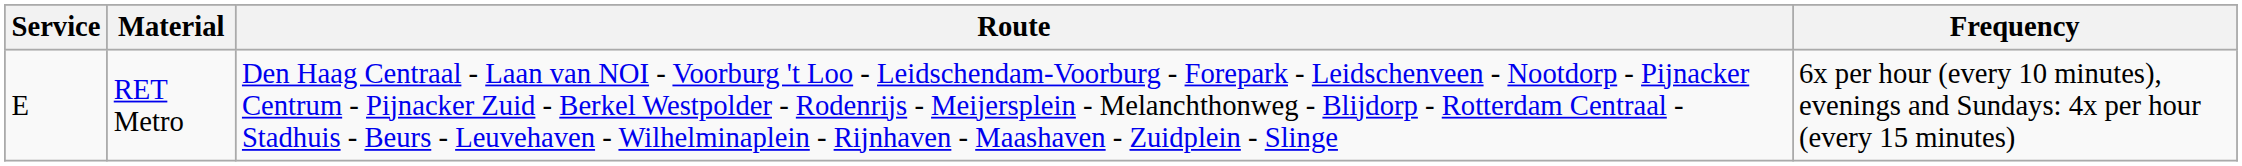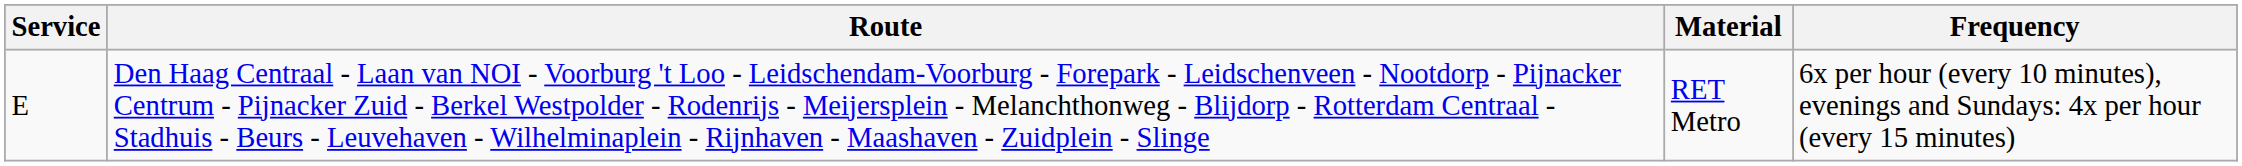 <table class="wikitable vatop">
 <tr>
 <th>Service</th>
+<th>Route</th>
 <th>Material</th>
-<th>Route</th>
 <th>Frequency</th>
 </tr>
 <tr>
 <td>E</td>
+<td><a href='#'>Den Haag Centraal</a> - <a href='#'>Laan van NOI</a> - <a href='#'>Voorburg 't Loo</a> - <a href='#'>Leidschendam-Voorburg</a> - <a href='#'>Forepark</a> - <a href='#'>Leidschenveen</a> - <a href='#'>Nootdorp</a> - <a href='#'>Pijnacker Centrum</a> - <a href='#'>Pijnacker Zuid</a> - <a href='#'>Berkel Westpolder</a> - <a href='#'>Rodenrijs</a> - <a href='#'>Meijersplein</a> - Melanchthonweg - <a href='#'>Blijdorp</a> - <a href='#'>Rotterdam Centraal</a> - <a href='#'>Stadhuis</a> - <a href='#'>Beurs</a> - <a href='#'>Leuvehaven</a> - <a href='#'>Wilhelminaplein</a> - <a href='#'>Rijnhaven</a> - <a href='#'>Maashaven</a> - <a href='#'>Zuidplein</a> - <a href='#'>Slinge</a></td>
 <td><a href='#'>RET</a> Metro</td>
-<td><a href='#'>Den Haag Centraal</a> - <a href='#'>Laan van NOI</a> - <a href='#'>Voorburg 't Loo</a> - <a href='#'>Leidschendam-Voorburg</a> - <a href='#'>Forepark</a> - <a href='#'>Leidschenveen</a> - <a href='#'>Nootdorp</a> - <a href='#'>Pijnacker Centrum</a> - <a href='#'>Pijnacker Zuid</a> - <a href='#'>Berkel Westpolder</a> - <a href='#'>Rodenrijs</a> - <a href='#'>Meijersplein</a> - Melanchthonweg - <a href='#'>Blijdorp</a> - <a href='#'>Rotterdam Centraal</a> - <a href='#'>Stadhuis</a> - <a href='#'>Beurs</a> - <a href='#'>Leuvehaven</a> - <a href='#'>Wilhelminaplein</a> - <a href='#'>Rijnhaven</a> - <a href='#'>Maashaven</a> - <a href='#'>Zuidplein</a> - <a href='#'>Slinge</a></td>
 <td>6x per hour (every 10 minutes), evenings and Sundays: 4x per hour (every 15 minutes)</td>
 </tr>
 </table>
